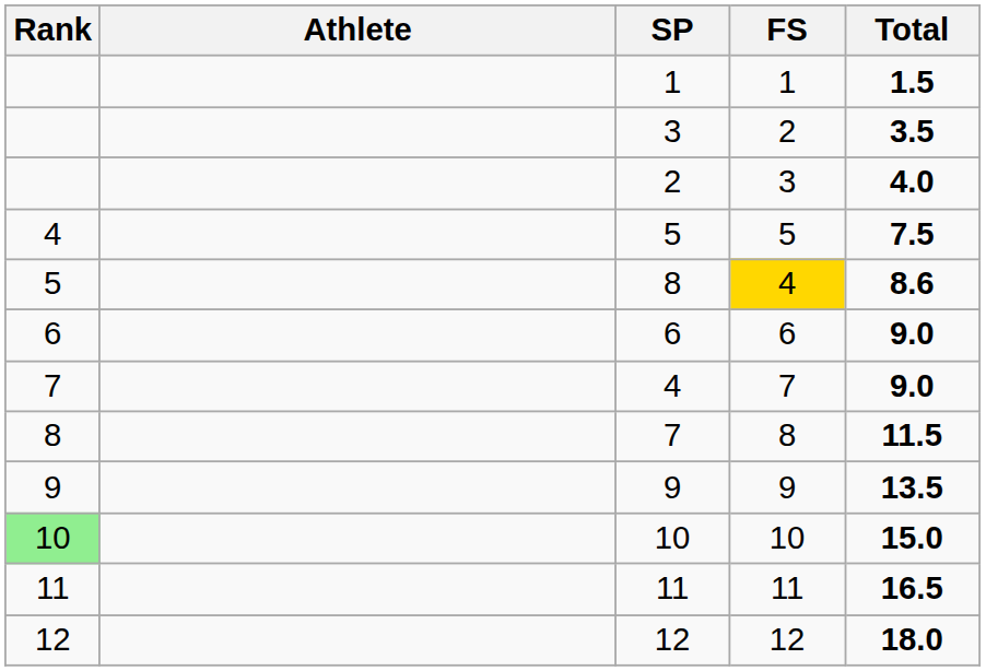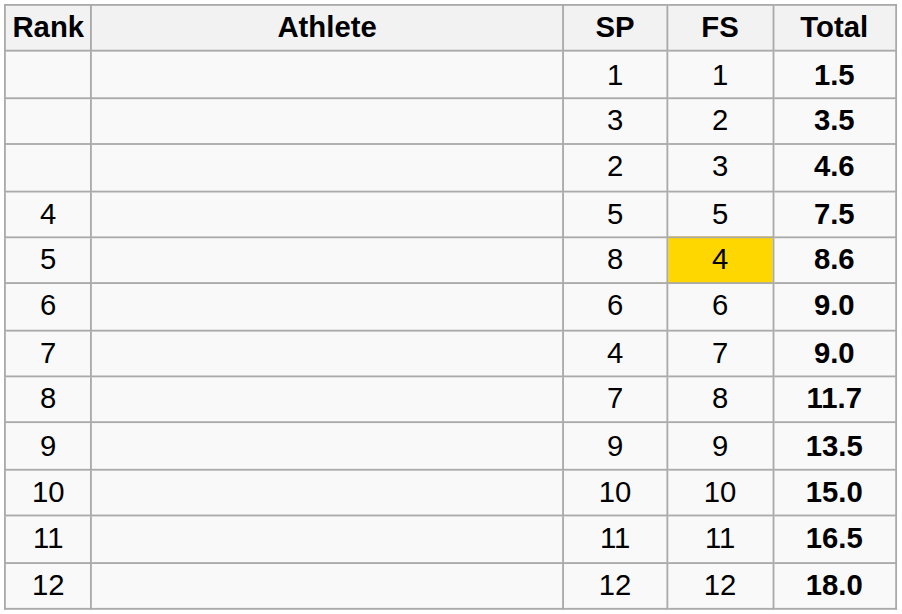 <table class=wikitable style="text-align:center">
 <tr>
 <th width=40>Rank</th>
 <th width=250>Athlete</th>
 <th width=50>SP</th>
 <th width=50>FS</th>
 <th width=60>Total</th>
 </tr>
 <tr>
 <td></td>
 <td align=left></td>
 <td>1</td>
 <td>1</td>
 <td><strong>1.5</strong></td>
 </tr>
 <tr>
 <td></td>
 <td align=left></td>
 <td>3</td>
 <td>2</td>
 <td><strong>3.5</strong></td>
 </tr>
 <tr>
 <td></td>
 <td align=left></td>
 <td>2</td>
 <td>3</td>
-<td><strong>4.0</strong></td>
+<td><strong>4.6</strong></td>
 </tr>
 <tr>
 <td>4</td>
 <td align=left></td>
 <td>5</td>
 <td>5</td>
 <td><strong>7.5</strong></td>
 </tr>
 <tr>
 <td>5</td>
 <td align=left></td>
 <td>8</td>
 <td style="background: gold;">4</td>
 <td><strong>8.6</strong></td>
 </tr>
 <tr>
 <td>6</td>
 <td align=left></td>
 <td>6</td>
 <td>6</td>
 <td><strong>9.0</strong></td>
 </tr>
 <tr>
 <td>7</td>
 <td align=left></td>
 <td>4</td>
 <td>7</td>
 <td><strong>9.0</strong></td>
 </tr>
 <tr>
 <td>8</td>
 <td align=left></td>
 <td>7</td>
 <td>8</td>
-<td><strong>11.5</strong></td>
+<td><strong>11.7</strong></td>
 </tr>
 <tr>
 <td>9</td>
 <td align=left></td>
 <td>9</td>
 <td>9</td>
 <td><strong>13.5</strong></td>
 </tr>
 <tr>
-<td style="background: lightgreen;">10</td>
+<td>10</td>
 <td align=left></td>
 <td>10</td>
 <td>10</td>
 <td><strong>15.0</strong></td>
 </tr>
 <tr>
 <td>11</td>
 <td align=left></td>
 <td>11</td>
 <td>11</td>
 <td><strong>16.5</strong></td>
 </tr>
 <tr>
 <td>12</td>
 <td align=left></td>
 <td>12</td>
 <td>12</td>
 <td><strong>18.0</strong></td>
 </tr>
 </table>
